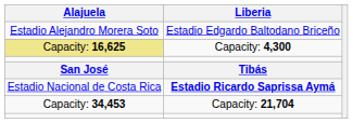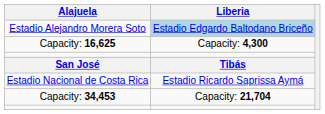 <table class="wikitable" style="text-align:center">
 <tr>
 <th><a href='#'>Alajuela</a></th>
 <th><a href='#'>Liberia</a></th>
 <th rowspan="8"></th>
 </tr>
 <tr>
 <td><a href='#'>Estadio Alejandro Morera Soto</a></td>
-<td><a href='#'>Estadio Edgardo Baltodano Briceño</a></td>
+<td style="background: lightblue;"><a href='#'>Estadio Edgardo Baltodano Briceño</a></td>
 </tr>
 <tr>
-<td style="background: khaki;">Capacity: <strong>16,625</strong></td>
+<td>Capacity: <strong>16,625</strong></td>
 <td>Capacity: <strong>4,300</strong></td>
 </tr>
 <tr>
 <td></td>
 <td></td>
 </tr>
 <tr>
 <th><a href='#'>San José</a></th>
 <th><a href='#'>Tibás</a></th>
 </tr>
 <tr>
 <td><a href='#'>Estadio Nacional de Costa Rica</a></td>
-<td><strong><a href='#'>Estadio Ricardo Saprissa Aymá</a></strong></td>
+<td><a href='#'>Estadio Ricardo Saprissa Aymá</a></td>
 </tr>
 <tr>
 <td>Capacity: <strong>34,453</strong></td>
 <td>Capacity: <strong>21,704</strong></td>
 </tr>
 <tr>
 <td></td>
 <td></td>
 </tr>
 </table>
